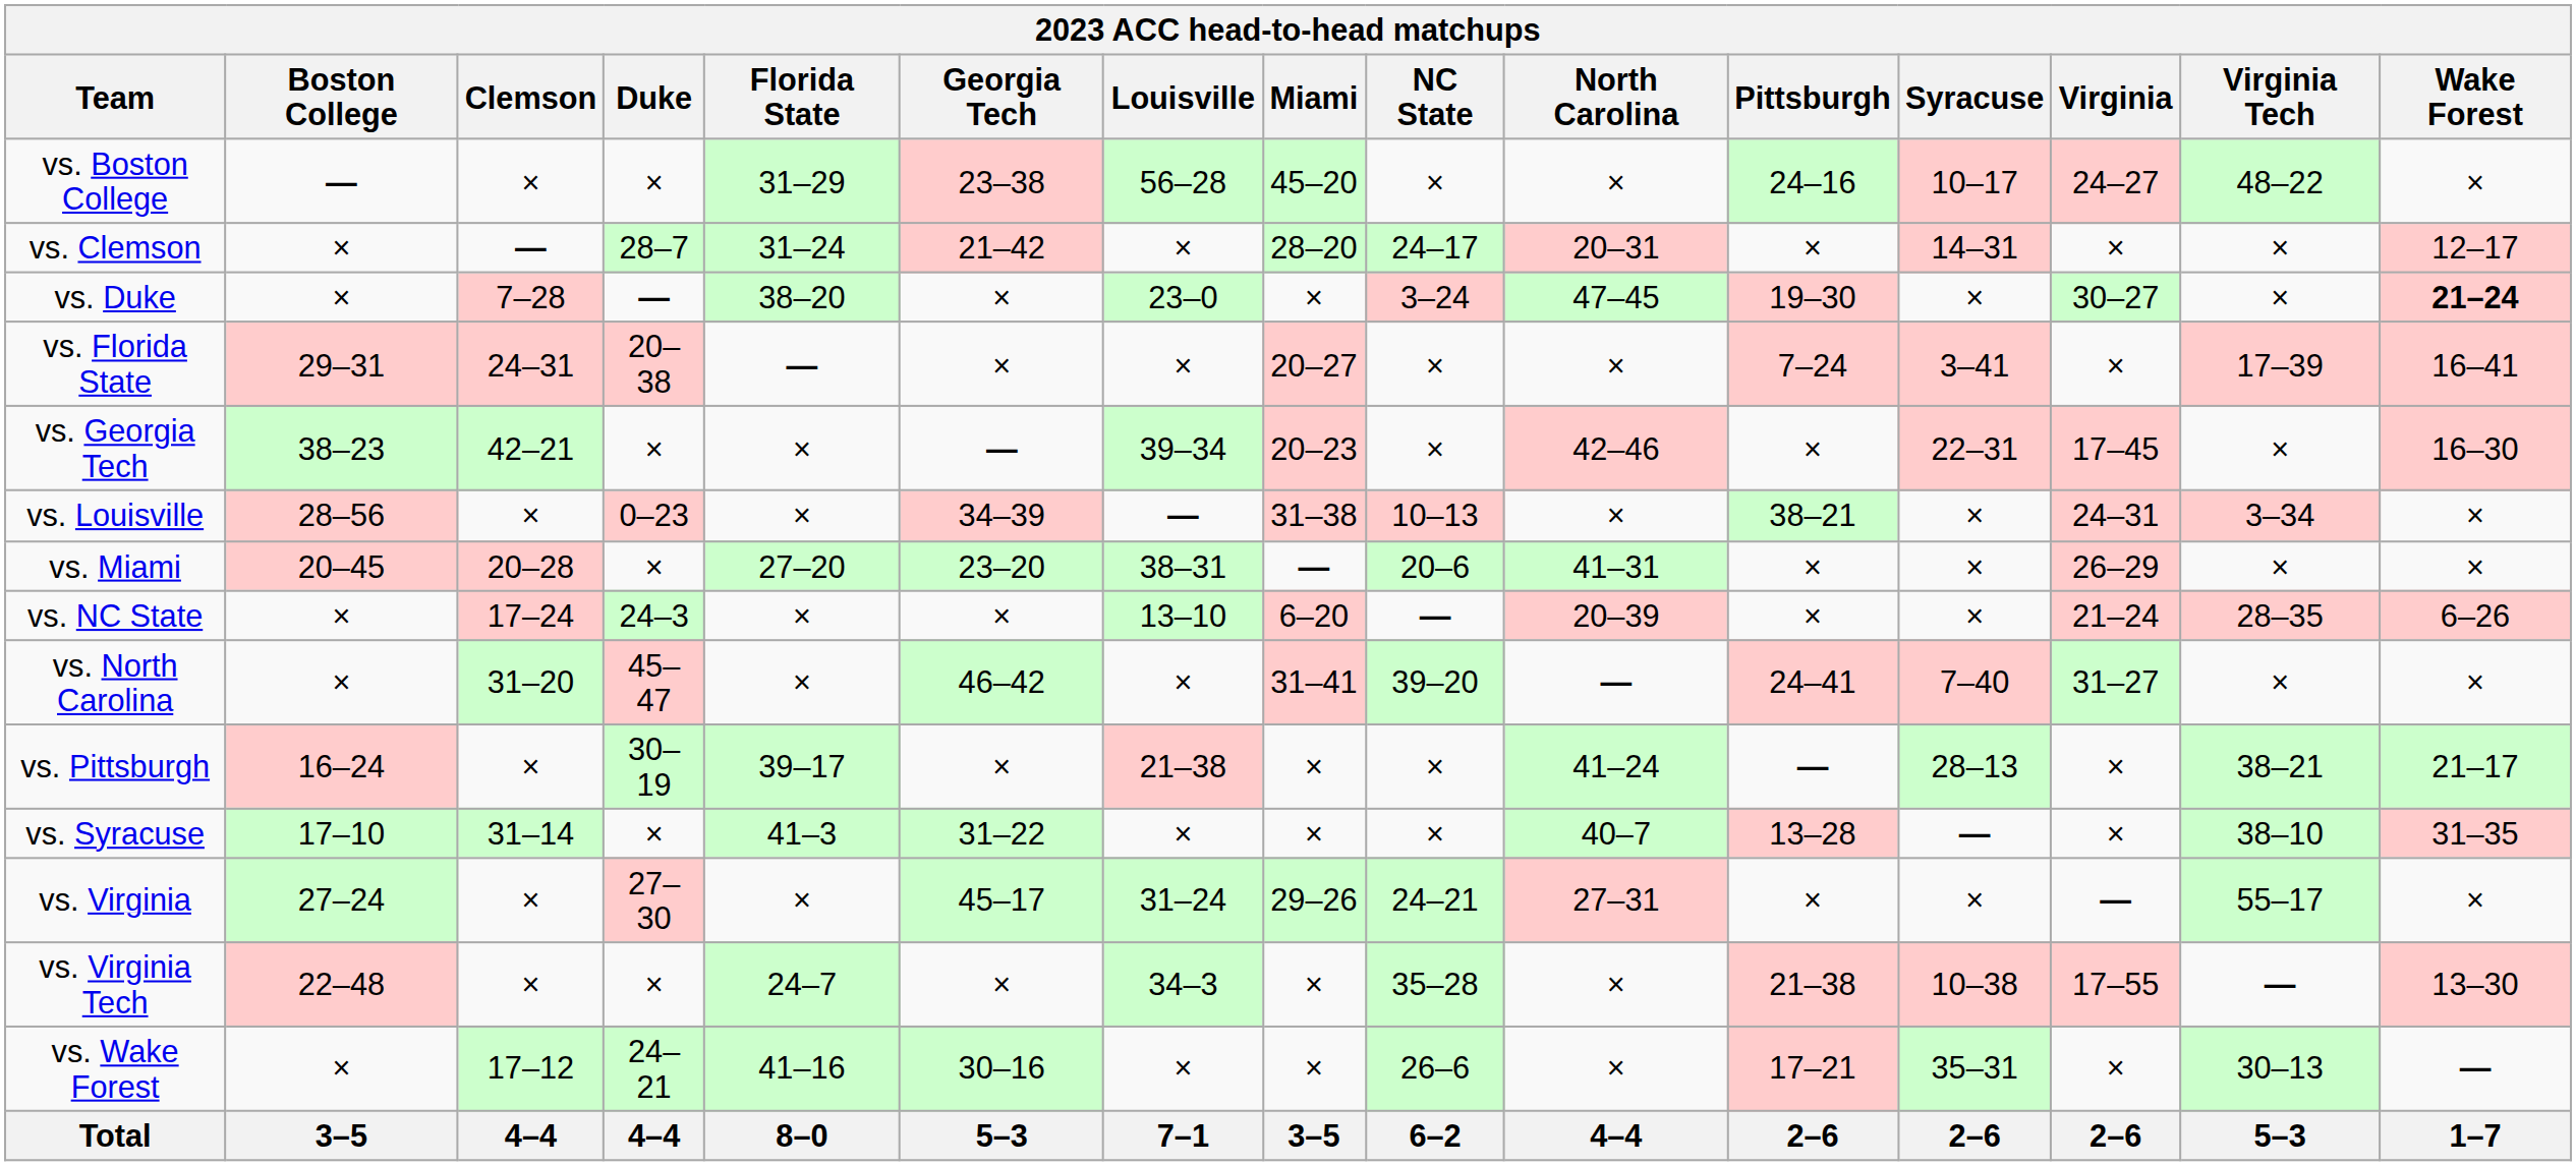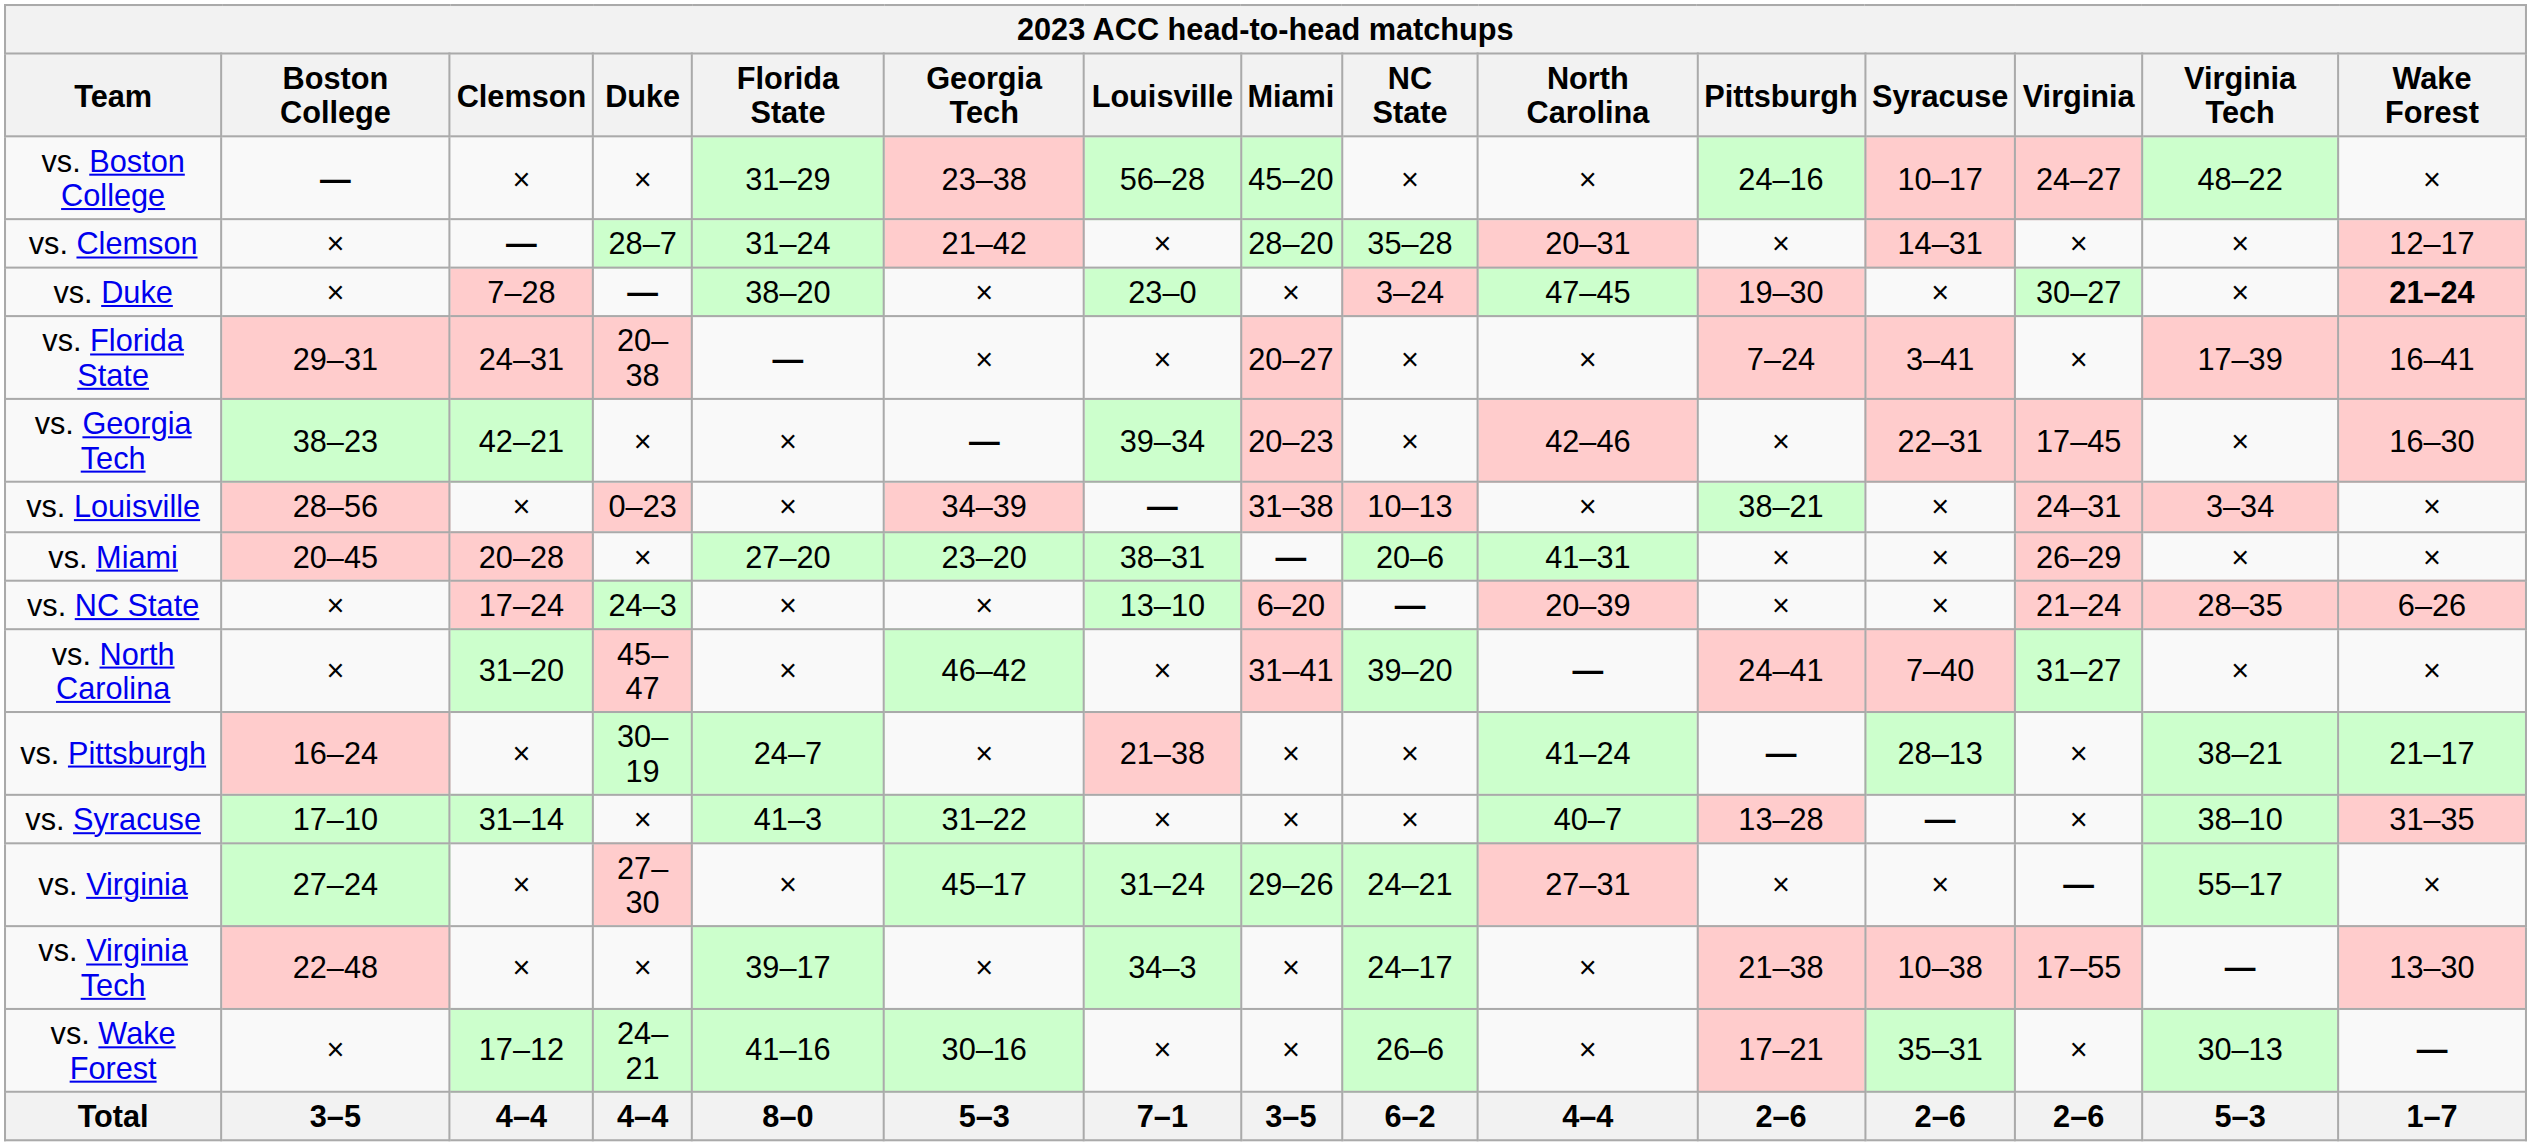 <table class="wikitable" style="font-size:95%; text-align:center;">
 <tr>
 <th colspan=15>2023 ACC head-to-head matchups</th>
 </tr>
 <tr>
 <th style="width:100px;">Team</th>
 <th>Boston College</th>
 <th>Clemson</th>
 <th>Duke</th>
 <th>Florida State</th>
 <th>Georgia Tech</th>
 <th>Louisville</th>
 <th>Miami</th>
 <th>NC State</th>
 <th>North Carolina</th>
 <th>Pittsburgh</th>
 <th>Syracuse</th>
 <th>Virginia</th>
 <th>Virginia Tech</th>
 <th>Wake Forest</th>
 </tr>
 <tr>
 <td>vs. <a href='#'>Boston College</a></td>
 <td><strong>—</strong></td>
 <td>×</td>
 <td>×</td>
 <td bgcolor=#cfc>31–29</td>
 <td bgcolor=#fcc>23–38</td>
 <td bgcolor=#cfc>56–28</td>
 <td bgcolor=#cfc>45–20</td>
 <td>×</td>
 <td>×</td>
 <td bgcolor=#cfc>24–16</td>
 <td bgcolor=#fcc>10–17</td>
 <td bgcolor=#fcc>24–27</td>
 <td bgcolor=#cfc>48–22</td>
 <td>×</td>
 </tr>
 <tr>
 <td>vs. <a href='#'>Clemson</a></td>
 <td>×</td>
 <td><strong>—</strong></td>
 <td bgcolor=#cfc>28–7</td>
 <td bgcolor=#cfc>31–24</td>
 <td bgcolor=#fcc>21–42</td>
 <td>×</td>
 <td bgcolor=#cfc>28–20</td>
-<td bgcolor=#cfc>24–17</td>
+<td bgcolor=#cfc>35–28</td>
 <td bgcolor=#fcc>20–31</td>
 <td>×</td>
 <td bgcolor=#fcc>14–31</td>
 <td>×</td>
 <td>×</td>
 <td bgcolor=#fcc>12–17</td>
 </tr>
 <tr>
 <td>vs. <a href='#'>Duke</a></td>
 <td>×</td>
 <td bgcolor=#fcc>7–28</td>
 <td><strong>—</strong></td>
 <td bgcolor=#cfc>38–20</td>
 <td>×</td>
 <td bgcolor=#cfc>23–0</td>
 <td>×</td>
 <td bgcolor=#fcc>3–24</td>
 <td bgcolor=#cfc>47–45</td>
 <td bgcolor=#fcc>19–30</td>
 <td>×</td>
 <td bgcolor=#cfc>30–27</td>
 <td>×</td>
 <td bgcolor=#fcc><strong>21–24</strong></td>
 </tr>
 <tr>
 <td>vs. <a href='#'>Florida State</a></td>
 <td bgcolor=#fcc>29–31</td>
 <td bgcolor=#fcc>24–31</td>
 <td bgcolor=#fcc>20–38</td>
 <td><strong>—</strong></td>
 <td>×</td>
 <td>×</td>
 <td bgcolor=#fcc>20–27</td>
 <td>×</td>
 <td>×</td>
 <td bgcolor=#fcc>7–24</td>
 <td bgcolor=#fcc>3–41</td>
 <td>×</td>
 <td bgcolor=#fcc>17–39</td>
 <td bgcolor=#fcc>16–41</td>
 </tr>
 <tr>
 <td>vs. <a href='#'>Georgia Tech</a></td>
 <td bgcolor=#cfc>38–23</td>
 <td bgcolor=#cfc>42–21</td>
 <td>×</td>
 <td>×</td>
 <td><strong>—</strong></td>
 <td bgcolor=#cfc>39–34</td>
 <td bgcolor=#fcc>20–23</td>
 <td>×</td>
 <td bgcolor=#fcc>42–46</td>
 <td>×</td>
 <td bgcolor=#fcc>22–31</td>
 <td bgcolor=#fcc>17–45</td>
 <td>×</td>
 <td bgcolor=#fcc>16–30</td>
 </tr>
 <tr>
 <td>vs. <a href='#'>Louisville</a></td>
 <td bgcolor=#fcc>28–56</td>
 <td>×</td>
 <td bgcolor=#fcc>0–23</td>
 <td>×</td>
 <td bgcolor=#fcc>34–39</td>
 <td><strong>—</strong></td>
 <td bgcolor=#fcc>31–38</td>
 <td bgcolor=#fcc>10–13</td>
 <td>×</td>
 <td bgcolor=#cfc>38–21</td>
 <td>×</td>
 <td bgcolor=#fcc>24–31</td>
 <td bgcolor=#fcc>3–34</td>
 <td>×</td>
 </tr>
 <tr>
 <td>vs. <a href='#'>Miami</a></td>
 <td bgcolor=#fcc>20–45</td>
 <td bgcolor=#fcc>20–28</td>
 <td>×</td>
 <td bgcolor=#cfc>27–20</td>
 <td bgcolor=#cfc>23–20</td>
 <td bgcolor=#cfc>38–31</td>
 <td><strong>—</strong></td>
 <td bgcolor=#cfc>20–6</td>
 <td bgcolor=#cfc>41–31</td>
 <td>×</td>
 <td>×</td>
 <td bgcolor=#fcc>26–29</td>
 <td>×</td>
 <td>×</td>
 </tr>
 <tr>
 <td>vs. <a href='#'>NC State</a></td>
 <td>×</td>
 <td bgcolor=#fcc>17–24</td>
 <td bgcolor=#cfc>24–3</td>
 <td>×</td>
 <td>×</td>
 <td bgcolor=#cfc>13–10</td>
 <td bgcolor=#fcc>6–20</td>
 <td><strong>—</strong></td>
 <td bgcolor=#fcc>20–39</td>
 <td>×</td>
 <td>×</td>
 <td bgcolor=#fcc>21–24</td>
 <td bgcolor=#fcc>28–35</td>
 <td bgcolor=#fcc>6–26</td>
 </tr>
 <tr>
 <td>vs. <a href='#'>North Carolina</a></td>
 <td>×</td>
 <td bgcolor=#cfc>31–20</td>
 <td bgcolor=#fcc>45–47</td>
 <td>×</td>
 <td bgcolor=#cfc>46–42</td>
 <td>×</td>
 <td bgcolor=#fcc>31–41</td>
 <td bgcolor=#cfc>39–20</td>
 <td><strong>—</strong></td>
 <td bgcolor=#fcc>24–41</td>
 <td bgcolor=#fcc>7–40</td>
 <td bgcolor=#cfc>31–27</td>
 <td>×</td>
 <td>×</td>
 </tr>
 <tr>
 <td>vs. <a href='#'>Pittsburgh</a></td>
 <td bgcolor=#fcc>16–24</td>
 <td>×</td>
 <td bgcolor=#cfc>30–19</td>
-<td bgcolor=#cfc>39–17</td>
+<td bgcolor=#cfc>24–7</td>
 <td>×</td>
 <td bgcolor=#fcc>21–38</td>
 <td>×</td>
 <td>×</td>
 <td bgcolor=#cfc>41–24</td>
 <td><strong>—</strong></td>
 <td bgcolor=#cfc>28–13</td>
 <td>×</td>
 <td bgcolor=#cfc>38–21</td>
 <td bgcolor=#cfc>21–17</td>
 </tr>
 <tr>
 <td>vs. <a href='#'>Syracuse</a></td>
 <td bgcolor=#cfc>17–10</td>
 <td bgcolor=#cfc>31–14</td>
 <td>×</td>
 <td bgcolor=#cfc>41–3</td>
 <td bgcolor=#cfc>31–22</td>
 <td>×</td>
 <td>×</td>
 <td>×</td>
 <td bgcolor=#cfc>40–7</td>
 <td bgcolor=#fcc>13–28</td>
 <td><strong>—</strong></td>
 <td>×</td>
 <td bgcolor=#cfc>38–10</td>
 <td bgcolor=#fcc>31–35</td>
 </tr>
 <tr>
 <td>vs. <a href='#'>Virginia</a></td>
 <td bgcolor=#cfc>27–24</td>
 <td>×</td>
 <td bgcolor=#fcc>27–30</td>
 <td>×</td>
 <td bgcolor=#cfc>45–17</td>
 <td bgcolor=#cfc>31–24</td>
 <td bgcolor=#cfc>29–26</td>
 <td bgcolor=#cfc>24–21</td>
 <td bgcolor=#fcc>27–31</td>
 <td>×</td>
 <td>×</td>
 <td><strong>—</strong></td>
 <td bgcolor=#cfc>55–17</td>
 <td>×</td>
 </tr>
 <tr>
 <td>vs. <a href='#'>Virginia Tech</a></td>
 <td bgcolor=#fcc>22–48</td>
 <td>×</td>
 <td>×</td>
-<td bgcolor=#cfc>24–7</td>
+<td bgcolor=#cfc>39–17</td>
 <td>×</td>
 <td bgcolor=#cfc>34–3</td>
 <td>×</td>
-<td bgcolor=#cfc>35–28</td>
+<td bgcolor=#cfc>24–17</td>
 <td>×</td>
 <td bgcolor=#fcc>21–38</td>
 <td bgcolor=#fcc>10–38</td>
 <td bgcolor=#fcc>17–55</td>
 <td><strong>—</strong></td>
 <td bgcolor=#fcc>13–30</td>
 </tr>
 <tr>
 <td>vs. <a href='#'>Wake Forest</a></td>
 <td>×</td>
 <td bgcolor=#cfc>17–12</td>
 <td bgcolor=#cfc>24–21</td>
 <td bgcolor=#cfc>41–16</td>
 <td bgcolor=#cfc>30–16</td>
 <td>×</td>
 <td>×</td>
 <td bgcolor=#cfc>26–6</td>
 <td>×</td>
 <td bgcolor=#fcc>17–21</td>
 <td bgcolor=#cfc>35–31</td>
 <td>×</td>
 <td bgcolor=#cfc>30–13</td>
 <td><strong>—</strong></td>
 </tr>
 <tr style="text-align:center;">
 <th>Total</th>
 <th>3–5</th>
 <th>4–4</th>
 <th>4–4</th>
 <th>8–0</th>
 <th>5–3</th>
 <th>7–1</th>
 <th>3–5</th>
 <th>6–2</th>
 <th>4–4</th>
 <th>2–6</th>
 <th>2–6</th>
 <th>2–6</th>
 <th>5–3</th>
 <th>1–7</th>
 </tr>
 </table>
